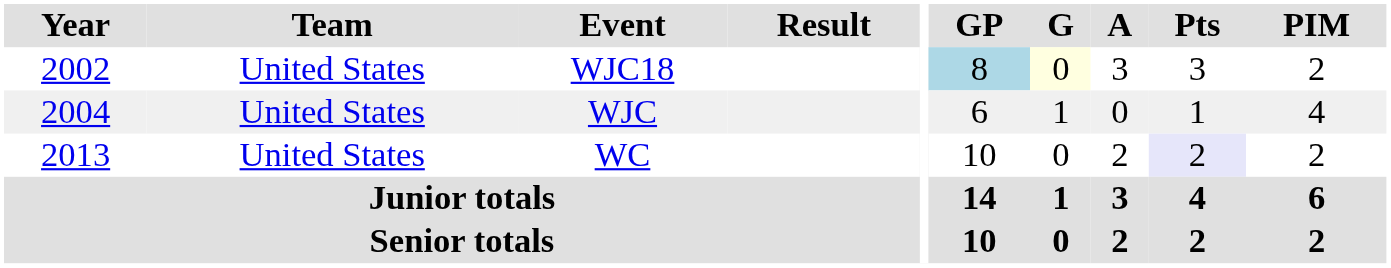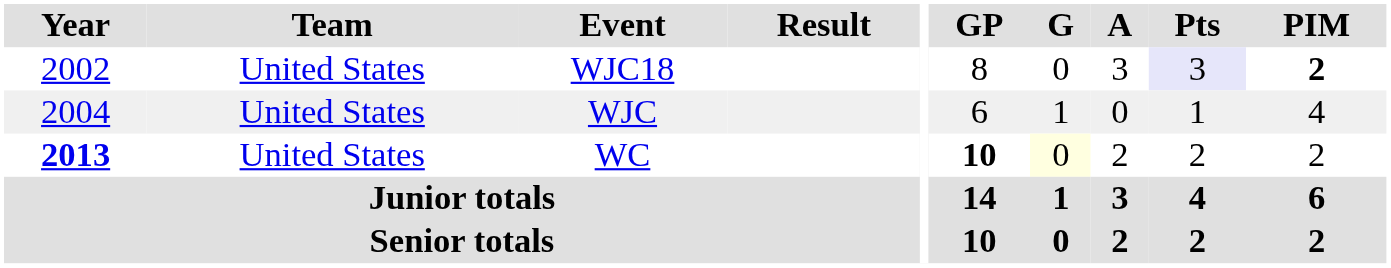 <table border="0" cellpadding="1" cellspacing="0" ID="Table3" style="text-align:center; width:40em">
 <tr ALIGN="center" bgcolor="#e0e0e0">
 <th>Year</th>
 <th>Team</th>
 <th>Event</th>
 <th>Result</th>
 <th rowspan="99" bgcolor="#ffffff"></th>
 <th>GP</th>
 <th>G</th>
 <th>A</th>
 <th>Pts</th>
 <th>PIM</th>
 </tr>
 <tr>
 <td><a href='#'>2002</a></td>
 <td><a href='#'>United States</a></td>
 <td><a href='#'>WJC18</a></td>
 <td></td>
-<td style="background: lightblue;">8</td>
-<td style="background: lightyellow;">0</td>
+<td>8</td>
+<td>0</td>
 <td>3</td>
-<td>3</td>
-<td>2</td>
+<td style="background: lavender;">3</td>
+<td><strong>2</strong></td>
 </tr>
 <tr bgcolor="#f0f0f0">
 <td><a href='#'>2004</a></td>
 <td><a href='#'>United States</a></td>
 <td><a href='#'>WJC</a></td>
 <td></td>
 <td>6</td>
 <td>1</td>
 <td>0</td>
 <td>1</td>
 <td>4</td>
 </tr>
 <tr>
-<td><a href='#'>2013</a></td>
+<td><strong><a href='#'>2013</a></strong></td>
 <td><a href='#'>United States</a></td>
 <td><a href='#'>WC</a></td>
 <td></td>
-<td>10</td>
-<td>0</td>
+<td><strong>10</strong></td>
+<td style="background: lightyellow;">0</td>
 <td>2</td>
-<td style="background: lavender;">2</td>
+<td>2</td>
 <td>2</td>
 </tr>
 <tr bgcolor="#e0e0e0">
 <th colspan=4>Junior totals</th>
 <th>14</th>
 <th>1</th>
 <th>3</th>
 <th>4</th>
 <th>6</th>
 </tr>
 <tr bgcolor="#e0e0e0">
 <th colspan=4>Senior totals</th>
 <th>10</th>
 <th>0</th>
 <th>2</th>
 <th>2</th>
 <th>2</th>
 </tr>
 </table>
